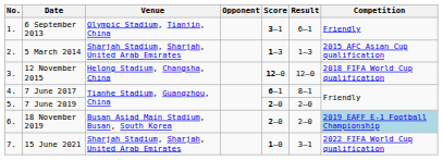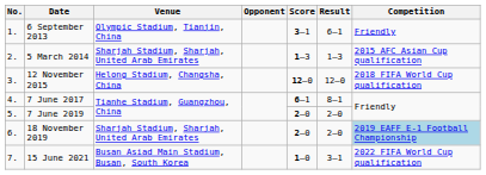 <table class="wikitable" style="font-size:85%;">
 <tr>
 <th>No.</th>
 <th>Date</th>
 <th>Venue</th>
 <th>Opponent</th>
 <th>Score</th>
 <th>Result</th>
 <th>Competition</th>
 </tr>
 <tr>
 <td>1.</td>
 <td>6 September 2013</td>
 <td><a href='#'>Olympic Stadium</a>, <a href='#'>Tianjin</a>, <a href='#'>China</a></td>
 <td></td>
 <td align=center><strong>3</strong>–1</td>
 <td align=center>6–1</td>
 <td><a href='#'>Friendly</a></td>
 </tr>
 <tr>
 <td>2.</td>
 <td>5 March 2014</td>
 <td><a href='#'>Sharjah Stadium</a>, <a href='#'>Sharjah</a>, <a href='#'>United Arab Emirates</a></td>
 <td></td>
 <td align=center><strong>1</strong>–3</td>
 <td align=center>1–3</td>
 <td><a href='#'>2015 AFC Asian Cup qualification</a></td>
 </tr>
 <tr>
 <td>3.</td>
 <td>12 November 2015</td>
 <td><a href='#'>Helong Stadium</a>, <a href='#'>Changsha</a>, <a href='#'>China</a></td>
 <td></td>
 <td align=center><strong>12</strong>–0</td>
 <td align=center>12–0</td>
 <td><a href='#'>2018 FIFA World Cup qualification</a></td>
 </tr>
 <tr>
 <td>4.</td>
 <td>7 June 2017</td>
 <td rowspan=2><a href='#'>Tianhe Stadium</a>, <a href='#'>Guangzhou</a>, <a href='#'>China</a></td>
 <td rowspan=2></td>
 <td align=center><strong>6</strong>–1</td>
 <td align=center>8–1</td>
 <td rowspan=2>Friendly</td>
 </tr>
 <tr>
 <td>5.</td>
 <td>7 June 2019</td>
 <td align=center><strong>2</strong>–0</td>
 <td align=center>2–0</td>
 </tr>
 <tr>
 <td>6.</td>
 <td>18 November 2019</td>
-<td><a href='#'>Busan Asiad Main Stadium</a>, <a href='#'>Busan</a>, <a href='#'>South Korea</a></td>
+<td><a href='#'>Sharjah Stadium</a>, <a href='#'>Sharjah</a>, <a href='#'>United Arab Emirates</a></td>
 <td></td>
 <td align=center><strong>2</strong>–0</td>
 <td align=center>2–0</td>
 <td style="background: lightblue;"><a href='#'>2019 EAFF E-1 Football Championship</a></td>
 </tr>
 <tr>
 <td>7.</td>
 <td>15 June 2021</td>
-<td><a href='#'>Sharjah Stadium</a>, <a href='#'>Sharjah</a>, <a href='#'>United Arab Emirates</a></td>
+<td><a href='#'>Busan Asiad Main Stadium</a>, <a href='#'>Busan</a>, <a href='#'>South Korea</a></td>
 <td></td>
 <td align=center><strong>1</strong>–0</td>
 <td align=center>3–1</td>
 <td><a href='#'>2022 FIFA World Cup qualification</a></td>
 </tr>
 </table>
